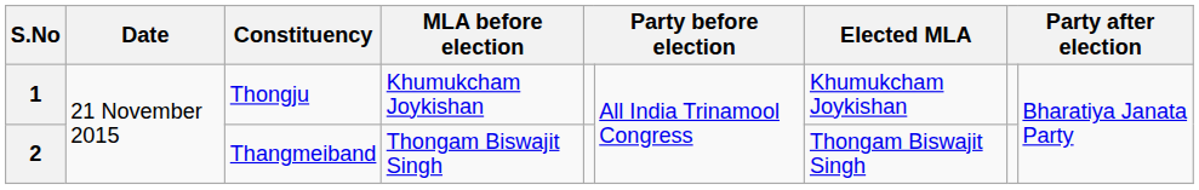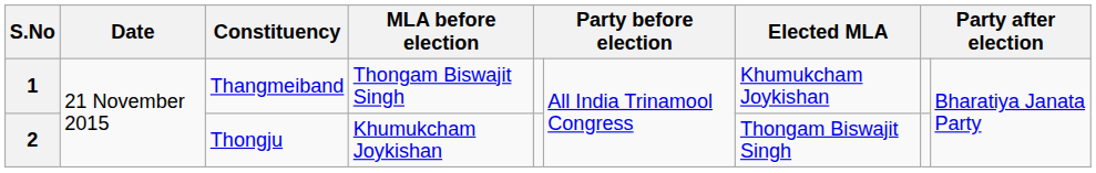 <table class="wikitable sortable">
 <tr>
 <th>S.No</th>
 <th>Date</th>
 <th>Constituency</th>
 <th>MLA before election</th>
 <th colspan="2">Party before election</th>
 <th>Elected MLA</th>
 <th colspan="2">Party after election</th>
 </tr>
 <tr>
 <th>1</th>
 <td rowspan="2">21 November 2015</td>
-<td><a href='#'>Thongju</a></td>
-<td><a href='#'>Khumukcham Joykishan</a></td>
+<td><a href='#'>Thangmeiband</a></td>
+<td><a href='#'>Thongam Biswajit Singh</a></td>
 <td></td>
 <td rowspan="2"><a href='#'>All India Trinamool Congress</a></td>
 <td><a href='#'>Khumukcham Joykishan</a></td>
 <td></td>
 <td rowspan="2"><a href='#'>Bharatiya Janata Party</a></td>
 </tr>
 <tr>
 <th>2</th>
-<td><a href='#'>Thangmeiband</a></td>
-<td><a href='#'>Thongam Biswajit Singh</a></td>
+<td><a href='#'>Thongju</a></td>
+<td><a href='#'>Khumukcham Joykishan</a></td>
 <td></td>
 <td><a href='#'>Thongam Biswajit Singh</a></td>
 <td></td>
 </tr>
 </table>
